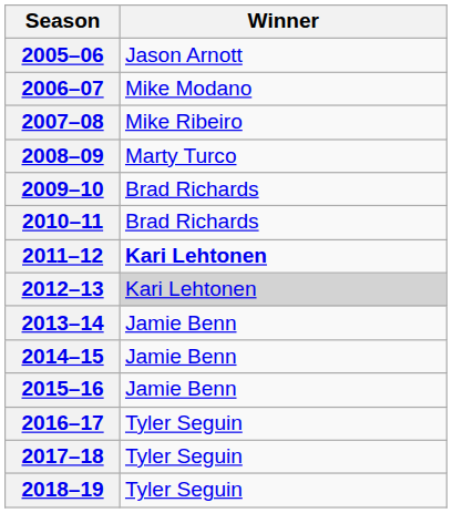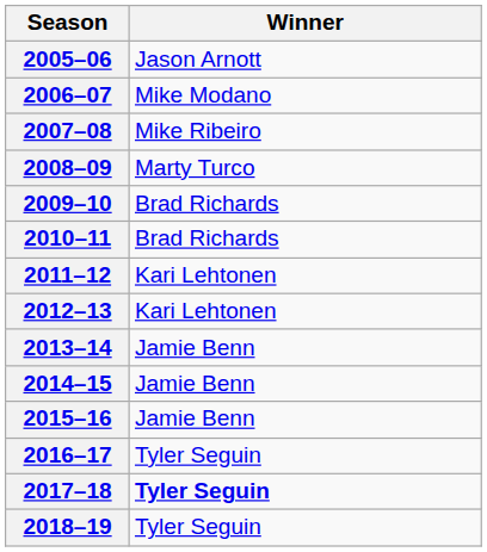 <table class="wikitable">
 <tr>
 <th scope="col" style="width:5em">Season</th>
 <th scope="col" style="width:15em">Winner</th>
 </tr>
 <tr>
 <th scope="row"><a href='#'>2005–06</a></th>
 <td><a href='#'>Jason Arnott</a></td>
 </tr>
 <tr>
 <th scope="row"><a href='#'>2006–07</a></th>
 <td><a href='#'>Mike Modano</a></td>
 </tr>
 <tr>
 <th scope="row"><a href='#'>2007–08</a></th>
 <td><a href='#'>Mike Ribeiro</a></td>
 </tr>
 <tr>
 <th scope="row"><a href='#'>2008–09</a></th>
 <td><a href='#'>Marty Turco</a></td>
 </tr>
 <tr>
 <th scope="row"><a href='#'>2009–10</a></th>
 <td><a href='#'>Brad Richards</a></td>
 </tr>
 <tr>
 <th scope="row"><a href='#'>2010–11</a></th>
 <td><a href='#'>Brad Richards</a></td>
 </tr>
 <tr>
 <th scope="row"><a href='#'>2011–12</a></th>
-<td><strong><a href='#'>Kari Lehtonen</a></strong></td>
+<td><a href='#'>Kari Lehtonen</a></td>
 </tr>
 <tr>
 <th scope="row"><a href='#'>2012–13</a></th>
-<td style="background: lightgrey;"><a href='#'>Kari Lehtonen</a></td>
+<td><a href='#'>Kari Lehtonen</a></td>
 </tr>
 <tr>
 <th scope="row"><a href='#'>2013–14</a></th>
 <td><a href='#'>Jamie Benn</a></td>
 </tr>
 <tr>
 <th scope="row"><a href='#'>2014–15</a></th>
 <td><a href='#'>Jamie Benn</a></td>
 </tr>
 <tr>
 <th scope="row"><a href='#'>2015–16</a></th>
 <td><a href='#'>Jamie Benn</a></td>
 </tr>
 <tr>
 <th scope="row"><a href='#'>2016–17</a></th>
 <td><a href='#'>Tyler Seguin</a></td>
 </tr>
 <tr>
 <th scope="row"><a href='#'>2017–18</a></th>
-<td><a href='#'>Tyler Seguin</a></td>
+<td><strong><a href='#'>Tyler Seguin</a></strong></td>
 </tr>
 <tr>
 <th scope="row"><a href='#'>2018–19</a></th>
 <td><a href='#'>Tyler Seguin</a></td>
 </tr>
 </table>
